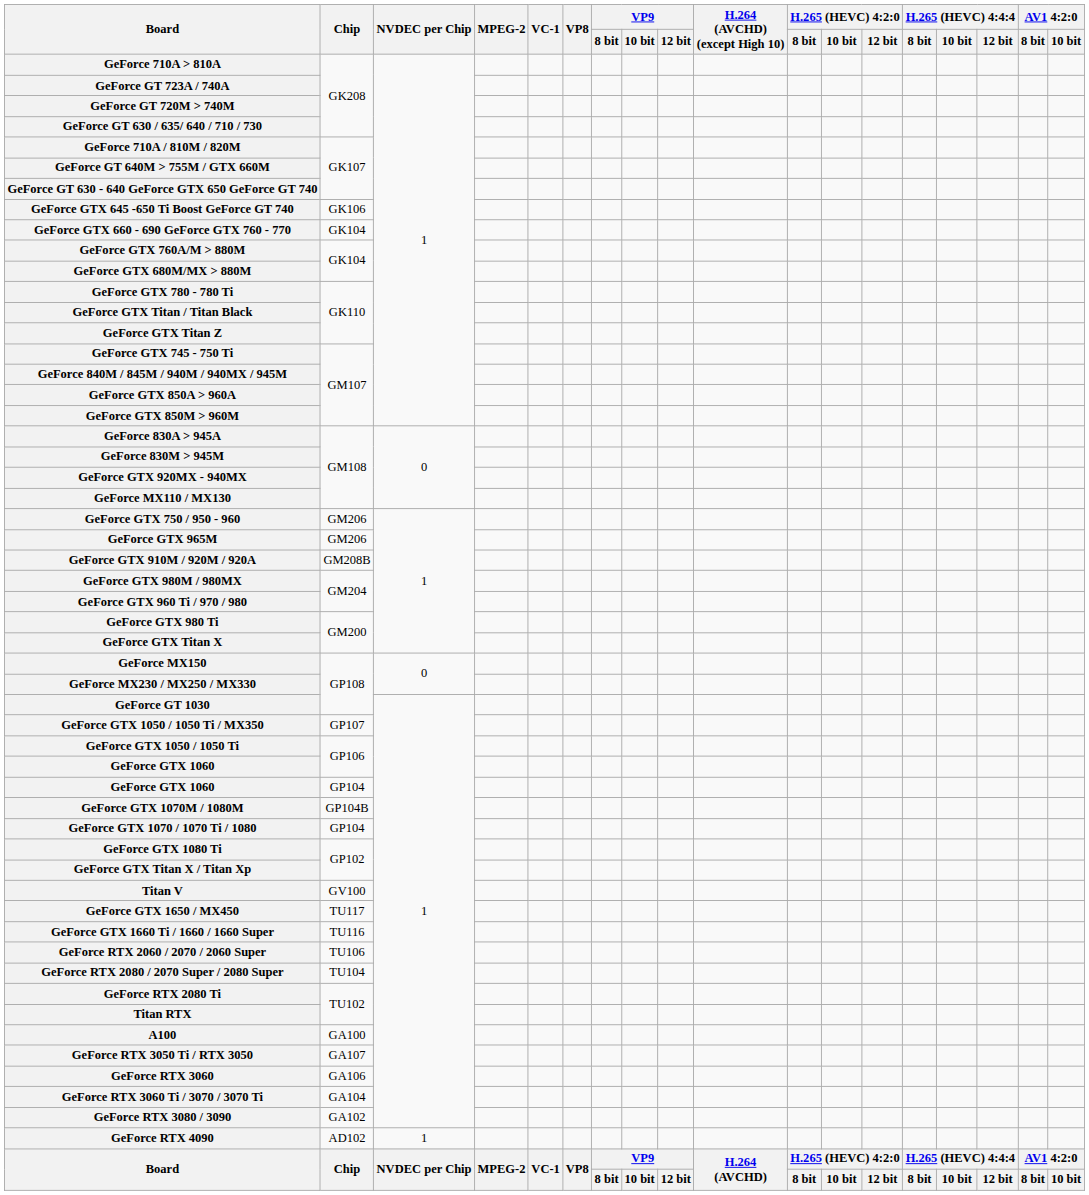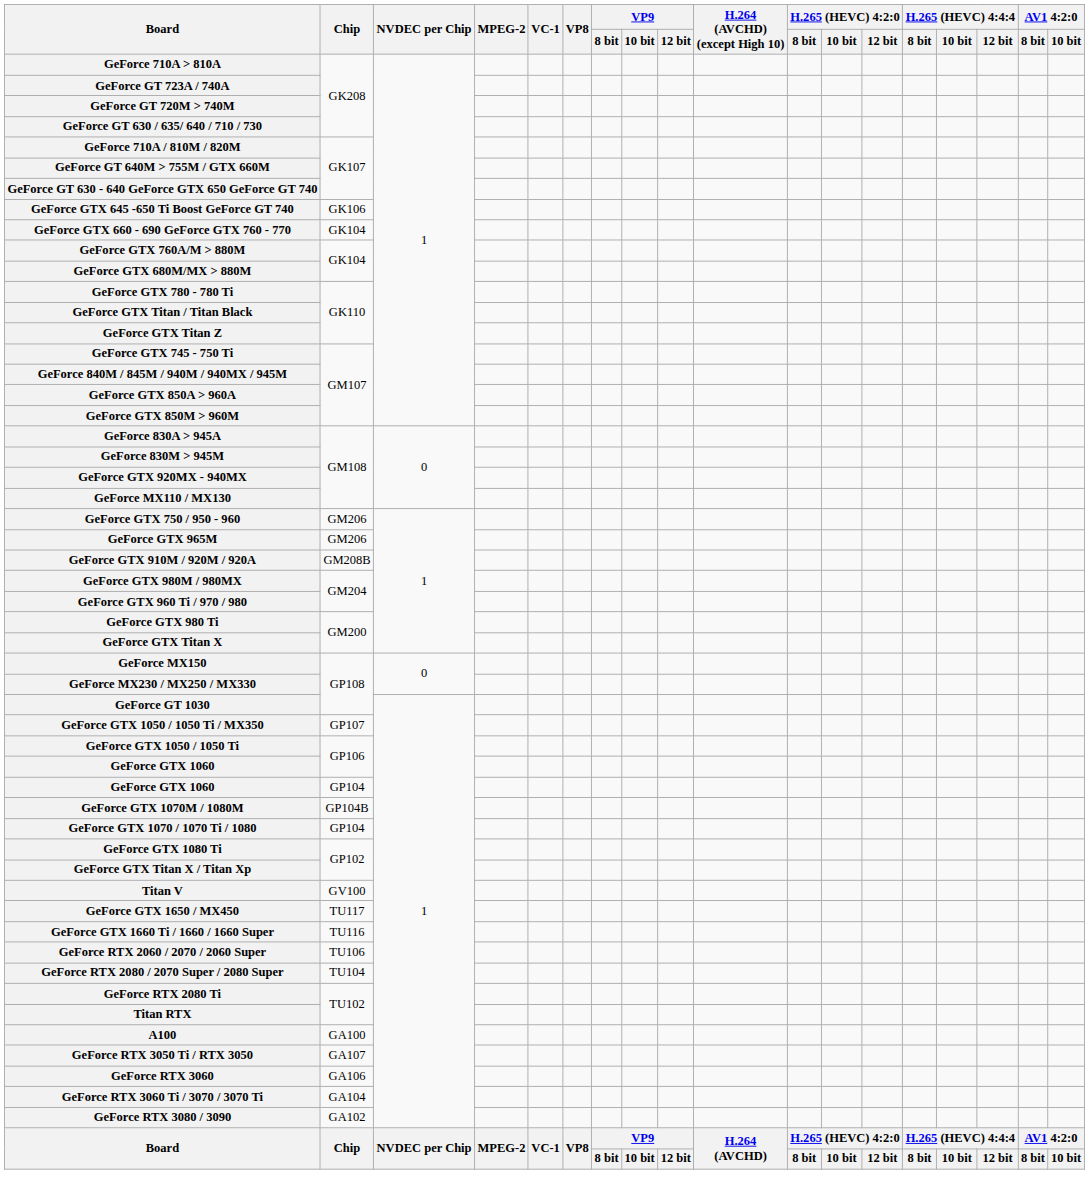 <table class="wikitable sortable sticky-header-multi" style="font-size:85%; text-align:center;">
 <tr>
 <th rowspan="2">Board</th>
 <th rowspan="2">Chip</th>
 <th rowspan="2">NVDEC per Chip</th>
 <th rowspan="2">MPEG-2</th>
 <th rowspan="2">VC-1</th>
 <th rowspan="2">VP8</th>
 <th colspan="3"><a href='#'>VP9</a></th>
 <th rowspan="2"><a href='#'>H.264</a><br>(AVCHD)<br>(except High 10)</th>
 <th colspan="3"><a href='#'>H.265</a> (HEVC) 4:2:0</th>
 <th colspan="3"><a href='#'>H.265</a> (HEVC) 4:4:4</th>
 <th colspan="2"><a href='#'>AV1</a> 4:2:0</th>
 </tr>
 <tr>
 <th>8 bit</th>
 <th>10 bit</th>
 <th>12 bit</th>
 <th>8 bit</th>
 <th>10 bit</th>
 <th>12 bit</th>
 <th>8 bit</th>
 <th>10 bit</th>
 <th>12 bit</th>
 <th>8 bit</th>
 <th>10 bit</th>
 </tr>
 <tr>
 <th>GeForce 710A > 810A</th>
 <td rowspan="4">GK208</td>
 <td rowspan="18">1</td>
 <td></td>
 <td></td>
 <td></td>
 <td></td>
 <td></td>
 <td></td>
 <td></td>
 <td></td>
 <td></td>
 <td></td>
 <td></td>
 <td></td>
 <td></td>
 <td></td>
 <td></td>
 </tr>
 <tr>
 <th>GeForce GT 723A / 740A</th>
 <td></td>
 <td></td>
 <td></td>
 <td></td>
 <td></td>
 <td></td>
 <td></td>
 <td></td>
 <td></td>
 <td></td>
 <td></td>
 <td></td>
 <td></td>
 <td></td>
 <td></td>
 </tr>
 <tr>
 <th>GeForce GT 720M > 740M</th>
 <td></td>
 <td></td>
 <td></td>
 <td></td>
 <td></td>
 <td></td>
 <td></td>
 <td></td>
 <td></td>
 <td></td>
 <td></td>
 <td></td>
 <td></td>
 <td></td>
 <td></td>
 </tr>
 <tr>
 <th>GeForce GT 630 / 635/ 640 / 710 / 730</th>
 <td></td>
 <td></td>
 <td></td>
 <td></td>
 <td></td>
 <td></td>
 <td></td>
 <td></td>
 <td></td>
 <td></td>
 <td></td>
 <td></td>
 <td></td>
 <td></td>
 <td></td>
 </tr>
 <tr>
 <th>GeForce 710A / 810M / 820M</th>
 <td rowspan="3">GK107</td>
 <td></td>
 <td></td>
 <td></td>
 <td></td>
 <td></td>
 <td></td>
 <td></td>
 <td></td>
 <td></td>
 <td></td>
 <td></td>
 <td></td>
 <td></td>
 <td></td>
 <td></td>
 </tr>
 <tr>
 <th>GeForce GT 640M > 755M / GTX 660M</th>
 <td></td>
 <td></td>
 <td></td>
 <td></td>
 <td></td>
 <td></td>
 <td></td>
 <td></td>
 <td></td>
 <td></td>
 <td></td>
 <td></td>
 <td></td>
 <td></td>
 <td></td>
 </tr>
 <tr>
 <th>GeForce GT 630 - 640 GeForce GTX 650 GeForce GT 740</th>
 <td></td>
 <td></td>
 <td></td>
 <td></td>
 <td></td>
 <td></td>
 <td></td>
 <td></td>
 <td></td>
 <td></td>
 <td></td>
 <td></td>
 <td></td>
 <td></td>
 <td></td>
 </tr>
 <tr>
 <th>GeForce GTX 645 -650 Ti Boost GeForce GT 740</th>
 <td>GK106</td>
 <td></td>
 <td></td>
 <td></td>
 <td></td>
 <td></td>
 <td></td>
 <td></td>
 <td></td>
 <td></td>
 <td></td>
 <td></td>
 <td></td>
 <td></td>
 <td></td>
 <td></td>
 </tr>
 <tr>
 <th>GeForce GTX 660 - 690 GeForce GTX 760 - 770</th>
 <td>GK104</td>
 <td></td>
 <td></td>
 <td></td>
 <td></td>
 <td></td>
 <td></td>
 <td></td>
 <td></td>
 <td></td>
 <td></td>
 <td></td>
 <td></td>
 <td></td>
 <td></td>
 <td></td>
 </tr>
 <tr>
 <th>GeForce GTX 760A/M > 880M</th>
 <td rowspan="2">GK104</td>
 <td></td>
 <td></td>
 <td></td>
 <td></td>
 <td></td>
 <td></td>
 <td></td>
 <td></td>
 <td></td>
 <td></td>
 <td></td>
 <td></td>
 <td></td>
 <td></td>
 <td></td>
 </tr>
 <tr>
 <th>GeForce GTX 680M/MX > 880M</th>
 <td></td>
 <td></td>
 <td></td>
 <td></td>
 <td></td>
 <td></td>
 <td></td>
 <td></td>
 <td></td>
 <td></td>
 <td></td>
 <td></td>
 <td></td>
 <td></td>
 <td></td>
 </tr>
 <tr>
 <th>GeForce GTX 780 - 780 Ti</th>
 <td rowspan="3">GK110</td>
 <td></td>
 <td></td>
 <td></td>
 <td></td>
 <td></td>
 <td></td>
 <td></td>
 <td></td>
 <td></td>
 <td></td>
 <td></td>
 <td></td>
 <td></td>
 <td></td>
 <td></td>
 </tr>
 <tr>
 <th>GeForce GTX Titan / Titan Black</th>
 <td></td>
 <td></td>
 <td></td>
 <td></td>
 <td></td>
 <td></td>
 <td></td>
 <td></td>
 <td></td>
 <td></td>
 <td></td>
 <td></td>
 <td></td>
 <td></td>
 <td></td>
 </tr>
 <tr>
 <th>GeForce GTX Titan Z</th>
 <td></td>
 <td></td>
 <td></td>
 <td></td>
 <td></td>
 <td></td>
 <td></td>
 <td></td>
 <td></td>
 <td></td>
 <td></td>
 <td></td>
 <td></td>
 <td></td>
 <td></td>
 </tr>
 <tr>
 <th>GeForce GTX 745 - 750 Ti</th>
 <td rowspan="4">GM107</td>
 <td></td>
 <td></td>
 <td></td>
 <td></td>
 <td></td>
 <td></td>
 <td></td>
 <td></td>
 <td></td>
 <td></td>
 <td></td>
 <td></td>
 <td></td>
 <td></td>
 <td></td>
 </tr>
 <tr>
 <th>GeForce 840M / 845M / 940M / 940MX / 945M</th>
 <td></td>
 <td></td>
 <td></td>
 <td></td>
 <td></td>
 <td></td>
 <td></td>
 <td></td>
 <td></td>
 <td></td>
 <td></td>
 <td></td>
 <td></td>
 <td></td>
 <td></td>
 </tr>
 <tr>
 <th>GeForce GTX 850A > 960A</th>
 <td></td>
 <td></td>
 <td></td>
 <td></td>
 <td></td>
 <td></td>
 <td></td>
 <td></td>
 <td></td>
 <td></td>
 <td></td>
 <td></td>
 <td></td>
 <td></td>
 <td></td>
 </tr>
 <tr>
 <th>GeForce GTX 850M > 960M</th>
 <td></td>
 <td></td>
 <td></td>
 <td></td>
 <td></td>
 <td></td>
 <td></td>
 <td></td>
 <td></td>
 <td></td>
 <td></td>
 <td></td>
 <td></td>
 <td></td>
 <td></td>
 </tr>
 <tr>
 <th>GeForce 830A > 945A</th>
 <td rowspan="4">GM108</td>
 <td rowspan="4">0</td>
 <td></td>
 <td></td>
 <td></td>
 <td></td>
 <td></td>
 <td></td>
 <td></td>
 <td></td>
 <td></td>
 <td></td>
 <td></td>
 <td></td>
 <td></td>
 <td></td>
 <td></td>
 </tr>
 <tr>
 <th>GeForce 830M > 945M</th>
 <td></td>
 <td></td>
 <td></td>
 <td></td>
 <td></td>
 <td></td>
 <td></td>
 <td></td>
 <td></td>
 <td></td>
 <td></td>
 <td></td>
 <td></td>
 <td></td>
 <td></td>
 </tr>
 <tr>
 <th>GeForce GTX 920MX - 940MX</th>
 <td></td>
 <td></td>
 <td></td>
 <td></td>
 <td></td>
 <td></td>
 <td></td>
 <td></td>
 <td></td>
 <td></td>
 <td></td>
 <td></td>
 <td></td>
 <td></td>
 <td></td>
 </tr>
 <tr>
 <th>GeForce MX110 / MX130</th>
 <td></td>
 <td></td>
 <td></td>
 <td></td>
 <td></td>
 <td></td>
 <td></td>
 <td></td>
 <td></td>
 <td></td>
 <td></td>
 <td></td>
 <td></td>
 <td></td>
 <td></td>
 </tr>
 <tr>
 <th>GeForce GTX 750 / 950 - 960</th>
 <td>GM206</td>
 <td rowspan="7">1</td>
 <td></td>
 <td></td>
 <td></td>
 <td></td>
 <td></td>
 <td></td>
 <td></td>
 <td></td>
 <td></td>
 <td></td>
 <td></td>
 <td></td>
 <td></td>
 <td></td>
 <td></td>
 </tr>
 <tr>
 <th>GeForce GTX 965M</th>
 <td>GM206</td>
 <td></td>
 <td></td>
 <td></td>
 <td></td>
 <td></td>
 <td></td>
 <td></td>
 <td></td>
 <td></td>
 <td></td>
 <td></td>
 <td></td>
 <td></td>
 <td></td>
 <td></td>
 </tr>
 <tr>
 <th>GeForce GTX 910M / 920M / 920A</th>
 <td>GM208B</td>
 <td></td>
 <td></td>
 <td></td>
 <td></td>
 <td></td>
 <td></td>
 <td></td>
 <td></td>
 <td></td>
 <td></td>
 <td></td>
 <td></td>
 <td></td>
 <td></td>
 <td></td>
 </tr>
 <tr>
 <th>GeForce GTX 980M / 980MX</th>
 <td rowspan="2">GM204</td>
 <td></td>
 <td></td>
 <td></td>
 <td></td>
 <td></td>
 <td></td>
 <td></td>
 <td></td>
 <td></td>
 <td></td>
 <td></td>
 <td></td>
 <td></td>
 <td></td>
 <td></td>
 </tr>
 <tr>
 <th>GeForce GTX 960 Ti / 970 / 980</th>
 <td></td>
 <td></td>
 <td></td>
 <td></td>
 <td></td>
 <td></td>
 <td></td>
 <td></td>
 <td></td>
 <td></td>
 <td></td>
 <td></td>
 <td></td>
 <td></td>
 <td></td>
 </tr>
 <tr>
 <th>GeForce GTX 980 Ti</th>
 <td rowspan="2">GM200</td>
 <td></td>
 <td></td>
 <td></td>
 <td></td>
 <td></td>
 <td></td>
 <td></td>
 <td></td>
 <td></td>
 <td></td>
 <td></td>
 <td></td>
 <td></td>
 <td></td>
 <td></td>
 </tr>
 <tr>
 <th>GeForce GTX Titan X</th>
 <td></td>
 <td></td>
 <td></td>
 <td></td>
 <td></td>
 <td></td>
 <td></td>
 <td></td>
 <td></td>
 <td></td>
 <td></td>
 <td></td>
 <td></td>
 <td></td>
 <td></td>
 </tr>
 <tr>
 <th>GeForce MX150</th>
 <td rowspan="3">GP108</td>
 <td rowspan="2">0</td>
 <td></td>
 <td></td>
 <td></td>
 <td></td>
 <td></td>
 <td></td>
 <td></td>
 <td></td>
 <td></td>
 <td></td>
 <td></td>
 <td></td>
 <td></td>
 <td></td>
 <td></td>
 </tr>
 <tr>
 <th>GeForce MX230 / MX250 / MX330</th>
 <td></td>
 <td></td>
 <td></td>
 <td></td>
 <td></td>
 <td></td>
 <td></td>
 <td></td>
 <td></td>
 <td></td>
 <td></td>
 <td></td>
 <td></td>
 <td></td>
 <td></td>
 </tr>
 <tr>
 <th>GeForce GT 1030</th>
 <td rowspan="21">1</td>
 <td></td>
 <td></td>
 <td></td>
 <td></td>
 <td></td>
 <td></td>
 <td></td>
 <td></td>
 <td></td>
 <td></td>
 <td></td>
 <td></td>
 <td></td>
 <td></td>
 <td></td>
 </tr>
 <tr>
 <th>GeForce GTX 1050 / 1050 Ti / MX350</th>
 <td>GP107</td>
 <td></td>
 <td></td>
 <td></td>
 <td></td>
 <td></td>
 <td></td>
 <td></td>
 <td></td>
 <td></td>
 <td></td>
 <td></td>
 <td></td>
 <td></td>
 <td></td>
 <td></td>
 </tr>
 <tr>
 <th>GeForce GTX 1050 / 1050 Ti</th>
 <td rowspan="2">GP106</td>
 <td></td>
 <td></td>
 <td></td>
 <td></td>
 <td></td>
 <td></td>
 <td></td>
 <td></td>
 <td></td>
 <td></td>
 <td></td>
 <td></td>
 <td></td>
 <td></td>
 <td></td>
 </tr>
 <tr>
 <th>GeForce GTX 1060</th>
 <td></td>
 <td></td>
 <td></td>
 <td></td>
 <td></td>
 <td></td>
 <td></td>
 <td></td>
 <td></td>
 <td></td>
 <td></td>
 <td></td>
 <td></td>
 <td></td>
 <td></td>
 </tr>
 <tr>
 <th>GeForce GTX 1060</th>
 <td>GP104</td>
 <td></td>
 <td></td>
 <td></td>
 <td></td>
 <td></td>
 <td></td>
 <td></td>
 <td></td>
 <td></td>
 <td></td>
 <td></td>
 <td></td>
 <td></td>
 <td></td>
 <td></td>
 </tr>
 <tr>
 <th>GeForce GTX 1070M / 1080M</th>
 <td>GP104B</td>
 <td></td>
 <td></td>
 <td></td>
 <td></td>
 <td></td>
 <td></td>
 <td></td>
 <td></td>
 <td></td>
 <td></td>
 <td></td>
 <td></td>
 <td></td>
 <td></td>
 <td></td>
 </tr>
 <tr>
 <th>GeForce GTX 1070 / 1070 Ti / 1080</th>
 <td>GP104</td>
 <td></td>
 <td></td>
 <td></td>
 <td></td>
 <td></td>
 <td></td>
 <td></td>
 <td></td>
 <td></td>
 <td></td>
 <td></td>
 <td></td>
 <td></td>
 <td></td>
 <td></td>
 </tr>
 <tr>
 <th>GeForce GTX 1080 Ti</th>
 <td rowspan="2">GP102</td>
 <td></td>
 <td></td>
 <td></td>
 <td></td>
 <td></td>
 <td></td>
 <td></td>
 <td></td>
 <td></td>
 <td></td>
 <td></td>
 <td></td>
 <td></td>
 <td></td>
 <td></td>
 </tr>
 <tr>
 <th>GeForce GTX Titan X / Titan Xp</th>
 <td></td>
 <td></td>
 <td></td>
 <td></td>
 <td></td>
 <td></td>
 <td></td>
 <td></td>
 <td></td>
 <td></td>
 <td></td>
 <td></td>
 <td></td>
 <td></td>
 <td></td>
 </tr>
 <tr>
 <th>Titan V</th>
 <td>GV100</td>
 <td></td>
 <td></td>
 <td></td>
 <td></td>
 <td></td>
 <td></td>
 <td></td>
 <td></td>
 <td></td>
 <td></td>
 <td></td>
 <td></td>
 <td></td>
 <td></td>
 <td></td>
 </tr>
 <tr>
 <th>GeForce GTX 1650 / MX450</th>
 <td>TU117</td>
 <td></td>
 <td></td>
 <td></td>
 <td></td>
 <td></td>
 <td></td>
 <td></td>
 <td></td>
 <td></td>
 <td></td>
 <td></td>
 <td></td>
 <td></td>
 <td></td>
 <td></td>
 </tr>
 <tr>
 <th>GeForce GTX 1660 Ti / 1660 / 1660 Super</th>
 <td>TU116</td>
 <td></td>
 <td></td>
 <td></td>
 <td></td>
 <td></td>
 <td></td>
 <td></td>
 <td></td>
 <td></td>
 <td></td>
 <td></td>
 <td></td>
 <td></td>
 <td></td>
 <td></td>
 </tr>
 <tr>
 <th>GeForce RTX 2060 / 2070 / 2060 Super</th>
 <td>TU106</td>
 <td></td>
 <td></td>
 <td></td>
 <td></td>
 <td></td>
 <td></td>
 <td></td>
 <td></td>
 <td></td>
 <td></td>
 <td></td>
 <td></td>
 <td></td>
 <td></td>
 <td></td>
 </tr>
 <tr>
 <th>GeForce RTX 2080 / 2070 Super / 2080 Super</th>
 <td>TU104</td>
 <td></td>
 <td></td>
 <td></td>
 <td></td>
 <td></td>
 <td></td>
 <td></td>
 <td></td>
 <td></td>
 <td></td>
 <td></td>
 <td></td>
 <td></td>
 <td></td>
 <td></td>
 </tr>
 <tr>
 <th>GeForce RTX 2080 Ti</th>
 <td rowspan="2">TU102</td>
 <td></td>
 <td></td>
 <td></td>
 <td></td>
 <td></td>
 <td></td>
 <td></td>
 <td></td>
 <td></td>
 <td></td>
 <td></td>
 <td></td>
 <td></td>
 <td></td>
 <td></td>
 </tr>
 <tr>
 <th>Titan RTX</th>
 <td></td>
 <td></td>
 <td></td>
 <td></td>
 <td></td>
 <td></td>
 <td></td>
 <td></td>
 <td></td>
 <td></td>
 <td></td>
 <td></td>
 <td></td>
 <td></td>
 <td></td>
 </tr>
 <tr>
 <th>A100</th>
 <td>GA100</td>
 <td></td>
 <td></td>
 <td></td>
 <td></td>
 <td></td>
 <td></td>
 <td></td>
 <td></td>
 <td></td>
 <td></td>
 <td></td>
 <td></td>
 <td></td>
 <td></td>
 <td></td>
 </tr>
 <tr>
 <th>GeForce RTX 3050 Ti / RTX 3050</th>
 <td>GA107</td>
 <td></td>
 <td></td>
 <td></td>
 <td></td>
 <td></td>
 <td></td>
 <td></td>
 <td></td>
 <td></td>
 <td></td>
 <td></td>
 <td></td>
 <td></td>
 <td></td>
 <td></td>
 </tr>
 <tr>
 <th>GeForce RTX 3060</th>
 <td>GA106</td>
 <td></td>
 <td></td>
 <td></td>
 <td></td>
 <td></td>
 <td></td>
 <td></td>
 <td></td>
 <td></td>
 <td></td>
 <td></td>
 <td></td>
 <td></td>
 <td></td>
 <td></td>
 </tr>
 <tr>
 <th>GeForce RTX 3060 Ti / 3070 / 3070 Ti</th>
 <td>GA104</td>
 <td></td>
 <td></td>
 <td></td>
 <td></td>
 <td></td>
 <td></td>
 <td></td>
 <td></td>
 <td></td>
 <td></td>
 <td></td>
 <td></td>
 <td></td>
 <td></td>
 <td></td>
 </tr>
 <tr>
 <th>GeForce RTX 3080 / 3090</th>
 <td>GA102</td>
 <td></td>
 <td></td>
 <td></td>
 <td></td>
 <td></td>
 <td></td>
 <td></td>
 <td></td>
 <td></td>
 <td></td>
 <td></td>
 <td></td>
 <td></td>
 <td></td>
 <td></td>
 </tr>
 <tr>
-<th>GeForce RTX 4090</th>
-<td>AD102</td>
-<td>1</td>
-<td></td>
-<td></td>
-<td></td>
-<td></td>
-<td></td>
-<td></td>
-<td></td>
-<td></td>
-<td></td>
-<td></td>
-<td></td>
-<td></td>
-<td></td>
-<td></td>
-<td></td>
-</tr>
-<tr>
 <th rowspan="2">Board</th>
 <th rowspan="2">Chip</th>
 <th rowspan="2">NVDEC per Chip</th>
 <th rowspan="2">MPEG-2</th>
 <th rowspan="2">VC-1</th>
 <th rowspan="2">VP8</th>
 <th colspan="3"><a href='#'>VP9</a></th>
 <th rowspan="2"><a href='#'>H.264</a><br>(AVCHD)</th>
 <th colspan="3"><a href='#'>H.265</a> (HEVC) 4:2:0</th>
 <th colspan="3"><a href='#'>H.265</a> (HEVC) 4:4:4</th>
 <th colspan="2"><a href='#'>AV1</a> 4:2:0</th>
 </tr>
 <tr>
 <th>8 bit</th>
 <th>10 bit</th>
 <th>12 bit</th>
 <th>8 bit</th>
 <th>10 bit</th>
 <th>12 bit</th>
 <th>8 bit</th>
 <th>10 bit</th>
 <th>12 bit</th>
 <th>8 bit</th>
 <th>10 bit</th>
 </tr>
 </table>
